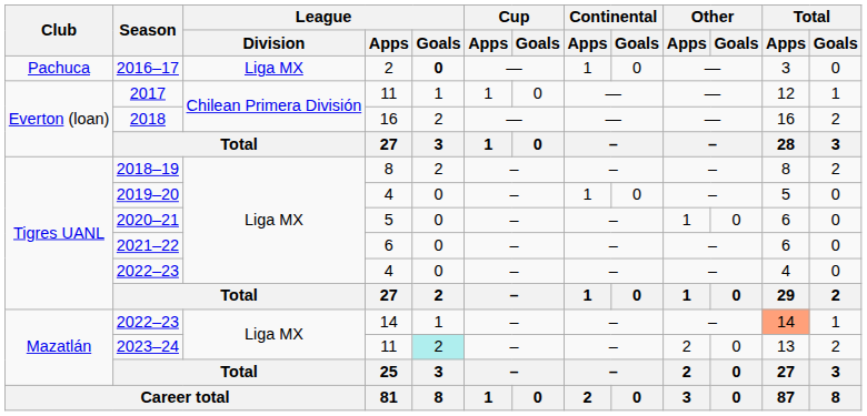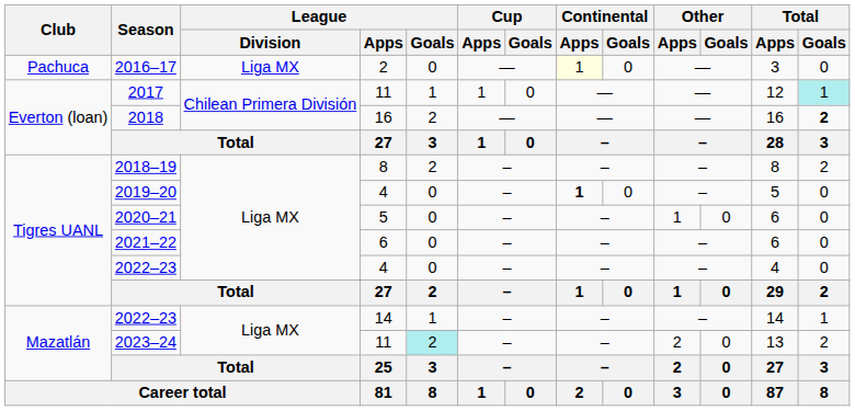 <table class="wikitable" style="text-align:center">
 <tr>
 <th rowspan="2">Club</th>
 <th rowspan="2">Season</th>
 <th colspan="3">League</th>
 <th colspan="2">Cup</th>
 <th colspan="2">Continental</th>
 <th colspan="2">Other</th>
 <th colspan="2">Total</th>
 </tr>
 <tr>
 <th>Division</th>
 <th>Apps</th>
 <th>Goals</th>
 <th>Apps</th>
 <th>Goals</th>
 <th>Apps</th>
 <th>Goals</th>
 <th>Apps</th>
 <th>Goals</th>
 <th>Apps</th>
 <th>Goals</th>
 </tr>
 <tr>
 <td><a href='#'>Pachuca</a></td>
 <td><a href='#'>2016–17</a></td>
 <td><a href='#'>Liga MX</a></td>
 <td>2</td>
-<td><strong>0</strong></td>
+<td>0</td>
 <td colspan=2>—</td>
-<td>1</td>
+<td style="background: lightyellow;">1</td>
 <td>0</td>
 <td colspan=2>—</td>
 <td>3</td>
 <td>0</td>
 </tr>
 <tr>
 <td rowspan="3"><a href='#'>Everton</a> (loan)</td>
 <td><a href='#'>2017</a></td>
 <td rowspan="2"><a href='#'>Chilean Primera División</a></td>
 <td>11</td>
 <td>1</td>
 <td>1</td>
 <td>0</td>
 <td colspan=2>—</td>
 <td colspan=2>—</td>
 <td>12</td>
-<td>1</td>
+<td style="background: paleturquoise;">1</td>
 </tr>
 <tr>
 <td><a href='#'>2018</a></td>
 <td>16</td>
 <td>2</td>
 <td colspan=2>—</td>
 <td colspan=2>—</td>
 <td colspan="2">—</td>
 <td>16</td>
-<td>2</td>
+<td><strong>2</strong></td>
 </tr>
 <tr>
 <th colspan="2">Total</th>
 <th>27</th>
 <th>3</th>
 <th>1</th>
 <th>0</th>
 <th colspan=2>–</th>
 <th colspan=2>–</th>
 <th>28</th>
 <th>3</th>
 </tr>
 <tr>
 <td rowspan="6"><a href='#'>Tigres UANL</a></td>
 <td><a href='#'>2018–19</a></td>
 <td rowspan="5">Liga MX</td>
 <td>8</td>
 <td>2</td>
 <td colspan=2>–</td>
 <td colspan="2">–</td>
 <td colspan=2>–</td>
 <td>8</td>
 <td>2</td>
 </tr>
 <tr>
 <td><a href='#'>2019–20</a></td>
 <td>4</td>
 <td>0</td>
 <td colspan=2>–</td>
-<td>1</td>
+<td><strong>1</strong></td>
 <td>0</td>
 <td colspan=2>–</td>
 <td>5</td>
 <td>0</td>
 </tr>
 <tr>
 <td><a href='#'>2020–21</a></td>
 <td>5</td>
 <td>0</td>
 <td colspan=2>–</td>
 <td colspan=2>–</td>
 <td>1</td>
 <td>0</td>
 <td>6</td>
 <td>0</td>
 </tr>
 <tr>
 <td><a href='#'>2021–22</a></td>
 <td>6</td>
 <td>0</td>
 <td colspan=2>–</td>
 <td colspan=2>–</td>
 <td colspan=2>–</td>
 <td>6</td>
 <td>0</td>
 </tr>
 <tr>
 <td><a href='#'>2022–23</a></td>
 <td>4</td>
 <td>0</td>
 <td colspan=2>–</td>
 <td colspan=2>–</td>
 <td colspan=2>–</td>
 <td>4</td>
 <td>0</td>
 </tr>
 <tr>
 <th colspan="2">Total</th>
 <th>27</th>
 <th>2</th>
 <th colspan=2>–</th>
 <th>1</th>
 <th>0</th>
 <th>1</th>
 <th>0</th>
 <th>29</th>
 <th>2</th>
 </tr>
 <tr>
 <td rowspan="3"><a href='#'>Mazatlán</a></td>
 <td><a href='#'>2022–23</a></td>
 <td rowspan="2">Liga MX</td>
 <td>14</td>
 <td>1</td>
 <td colspan=2>–</td>
 <td colspan="2">–</td>
 <td colspan=2>–</td>
-<td style="background: lightsalmon;">14</td>
+<td>14</td>
 <td>1</td>
 </tr>
 <tr>
 <td><a href='#'>2023–24</a></td>
 <td>11</td>
 <td style="background: paleturquoise;">2</td>
 <td colspan=2>–</td>
 <td colspan=2>–</td>
 <td>2</td>
 <td>0</td>
 <td>13</td>
 <td>2</td>
 </tr>
 <tr>
 <th colspan="2">Total</th>
 <th>25</th>
 <th>3</th>
 <th colspan=2>–</th>
 <th colspan=2>–</th>
 <th>2</th>
 <th>0</th>
 <th>27</th>
 <th>3</th>
 </tr>
 <tr>
 <th colspan="3"><strong>Career total</strong></th>
 <th>81</th>
 <th>8</th>
 <th>1</th>
 <th>0</th>
 <th>2</th>
 <th>0</th>
 <th>3</th>
 <th>0</th>
 <th>87</th>
 <th>8</th>
 </tr>
 </table>
